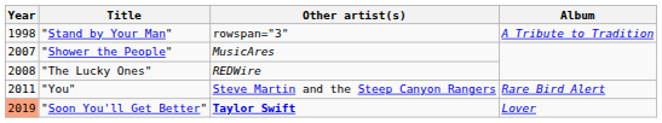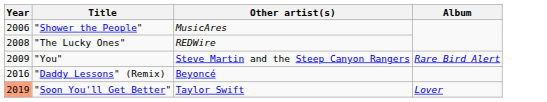 <table class="wikitable">
 <tr>
 <th>Year</th>
 <th>Title</th>
 <th>Other artist(s)</th>
 <th>Album</th>
 </tr>
 <tr>
-<td>1998</td>
-<td>"<a href='#'>Stand by Your Man</a>"</td>
-<td>rowspan="3" </td>
-<td><em><a href='#'>A Tribute to Tradition</a></em></td>
-</tr>
-<tr>
-<td>2007</td>
+<td>2006</td>
 <td>"<a href='#'>Shower the People</a>"</td>
 <td><em>MusicAres</em></td>
 </tr>
 <tr>
 <td>2008</td>
 <td>"The Lucky Ones"</td>
 <td><em>REDWire</em></td>
 </tr>
 <tr>
-<td>2011</td>
+<td>2009</td>
 <td>"You"</td>
 <td><a href='#'>Steve Martin</a> and the <a href='#'>Steep Canyon Rangers</a></td>
 <td><em><a href='#'>Rare Bird Alert</a></em></td>
 </tr>
 <tr>
+<td>2016</td>
+<td>"<a href='#'>Daddy Lessons</a>" (Remix)</td>
+<td><a href='#'>Beyoncé</a></td>
+<td></td>
+</tr>
+<tr>
 <td style="background: lightsalmon;">2019</td>
 <td>"<a href='#'>Soon You'll Get Better</a>"</td>
-<td><strong><a href='#'>Taylor Swift</a></strong></td>
+<td><a href='#'>Taylor Swift</a></td>
 <td><em><a href='#'>Lover</a></em></td>
 </tr>
 </table>
